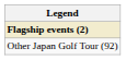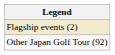 <table class="wikitable" style="font-size:95%;">
 <tr>
 <th>Legend</th>
 </tr>
 <tr style="background:#f2ecce;">
-<td><strong>Flagship events (2)</strong></td>
+<td>Flagship events (2)</td>
 </tr>
 <tr>
 <td>Other Japan Golf Tour (92)</td>
 </tr>
 </table>
